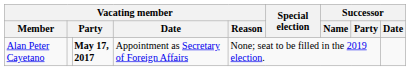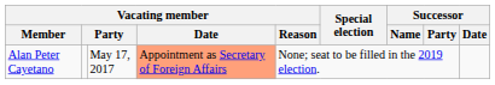 <table class=wikitable style="font-size:95%;">
 <tr>
 <th colspan="5">Vacating member</th>
 <th rowspan="2">Special election</th>
 <th colspan="3">Successor</th>
 </tr>
 <tr>
 <th>Member</th>
 <th colspan="2">Party</th>
 <th>Date</th>
 <th>Reason</th>
 <th>Name</th>
 <th>Party</th>
 <th>Date</th>
 </tr>
 <tr>
 <td><a href='#'>Alan Peter Cayetano</a></td>
 <td></td>
-<td><strong>May 17, 2017</strong></td>
-<td>Appointment as <a href='#'>Secretary of Foreign Affairs</a></td>
+<td>May 17, 2017</td>
+<td style="background: lightsalmon;">Appointment as <a href='#'>Secretary of Foreign Affairs</a></td>
 <td colspan="4">None; seat to be filled in the <a href='#'>2019 election</a>.</td>
 </tr>
 </table>
